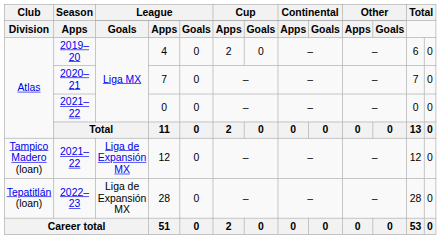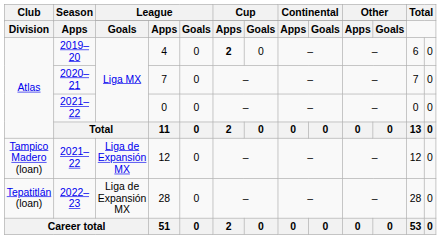 <table class=wikitable style=text-align:center>
 <tr>
 <th rowspan=2>Club</th>
 <th rowspan=2>Season</th>
 <th colspan=3>League</th>
 <th colspan=2>Cup</th>
 <th colspan=2>Continental</th>
 <th colspan=2>Other</th>
 <th colspan=2>Total</th>
 </tr>
 <tr>
 </tr>
 <tr>
 <th>Division</th>
 <th>Apps</th>
 <th>Goals</th>
 <th>Apps</th>
 <th>Goals</th>
 <th>Apps</th>
 <th>Goals</th>
 <th>Apps</th>
 <th>Goals</th>
 <th>Apps</th>
 <th>Goals</th>
 </tr>
 <tr>
 <td rowspan="4"><a href='#'>Atlas</a></td>
 <td><a href='#'>2019–20</a></td>
 <td rowspan="3"><a href='#'>Liga MX</a></td>
 <td>4</td>
 <td>0</td>
-<td>2</td>
+<td><strong>2</strong></td>
 <td>0</td>
 <td colspan="2">–</td>
 <td colspan="2">–</td>
 <td>6</td>
 <td>0</td>
 </tr>
 <tr>
 <td><a href='#'>2020–21</a></td>
 <td>7</td>
 <td>0</td>
 <td colspan="2">–</td>
 <td colspan="2">–</td>
 <td colspan="2">–</td>
 <td>7</td>
 <td>0</td>
 </tr>
 <tr>
 <td><a href='#'>2021–22</a></td>
 <td>0</td>
 <td>0</td>
 <td colspan="2">–</td>
 <td colspan="2">–</td>
 <td colspan="2">–</td>
 <td>0</td>
 <td>0</td>
 </tr>
 <tr>
 <th colspan="2">Total</th>
 <th>11</th>
 <th>0</th>
 <th>2</th>
 <th>0</th>
 <th>0</th>
 <th>0</th>
 <th>0</th>
 <th>0</th>
 <th>13</th>
 <th>0</th>
 </tr>
 <tr>
 <td><a href='#'>Tampico Madero</a> (loan)</td>
 <td><a href='#'>2021–22</a></td>
 <td><a href='#'>Liga de Expansión MX</a></td>
 <td>12</td>
 <td>0</td>
 <td colspan="2">–</td>
 <td colspan="2">–</td>
 <td colspan="2">–</td>
 <td>12</td>
 <td>0</td>
 </tr>
 <tr>
 <td><a href='#'>Tepatitlán</a> (loan)</td>
 <td><a href='#'>2022–23</a></td>
 <td>Liga de Expansión MX</td>
 <td>28</td>
 <td>0</td>
 <td colspan="2">–</td>
 <td colspan="2">–</td>
 <td colspan="2">–</td>
 <td>28</td>
 <td>0</td>
 </tr>
 <tr>
 <th colspan=3>Career total</th>
 <th>51</th>
 <th>0</th>
 <th>2</th>
 <th>0</th>
 <th>0</th>
 <th>0</th>
 <th>0</th>
 <th>0</th>
 <th>53</th>
 <th>0</th>
 </tr>
 </table>
